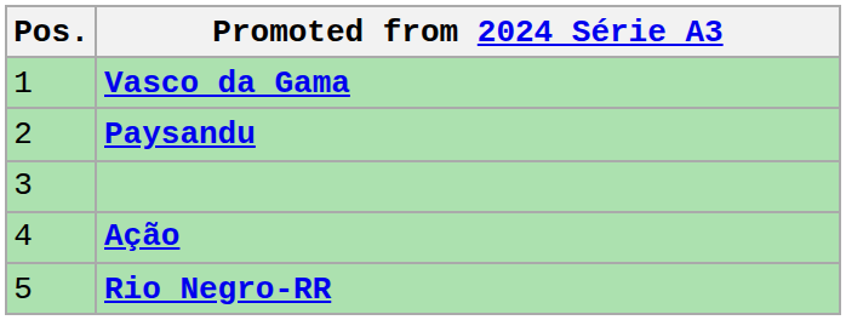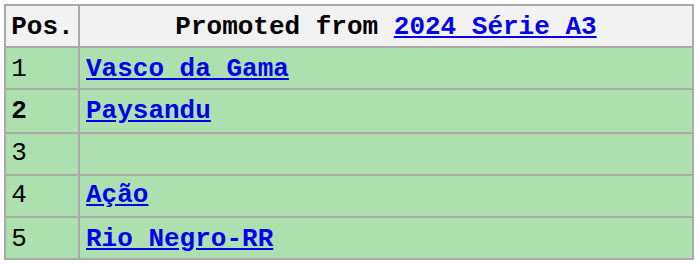 <table class="wikitable">
 <tr>
 <th style="text-align:center;">Pos.</th>
 <th width=300>Promoted from <a href='#'>2024 Série A3</a></th>
 </tr>
 <tr style="background: #ACE1AF;">
 <td>1</td>
 <td><strong><a href='#'>Vasco da Gama</a></strong></td>
 </tr>
 <tr style="background: #ACE1AF;">
-<td>2</td>
+<td><strong>2</strong></td>
 <td><strong><a href='#'>Paysandu</a></strong></td>
 </tr>
 <tr style="background: #ACE1AF;">
 <td>3</td>
 <td><strong></strong></td>
 </tr>
 <tr style="background: #ACE1AF;">
 <td>4</td>
 <td><strong><a href='#'>Ação</a></strong></td>
 </tr>
 <tr style="background: #ACE1AF;">
 <td>5</td>
 <td><strong><a href='#'>Rio Negro-RR</a></strong></td>
 </tr>
 </table>
